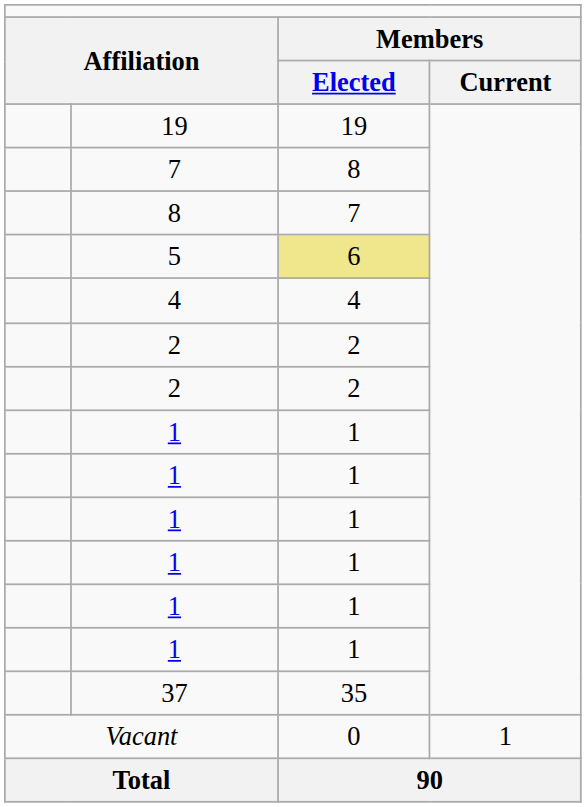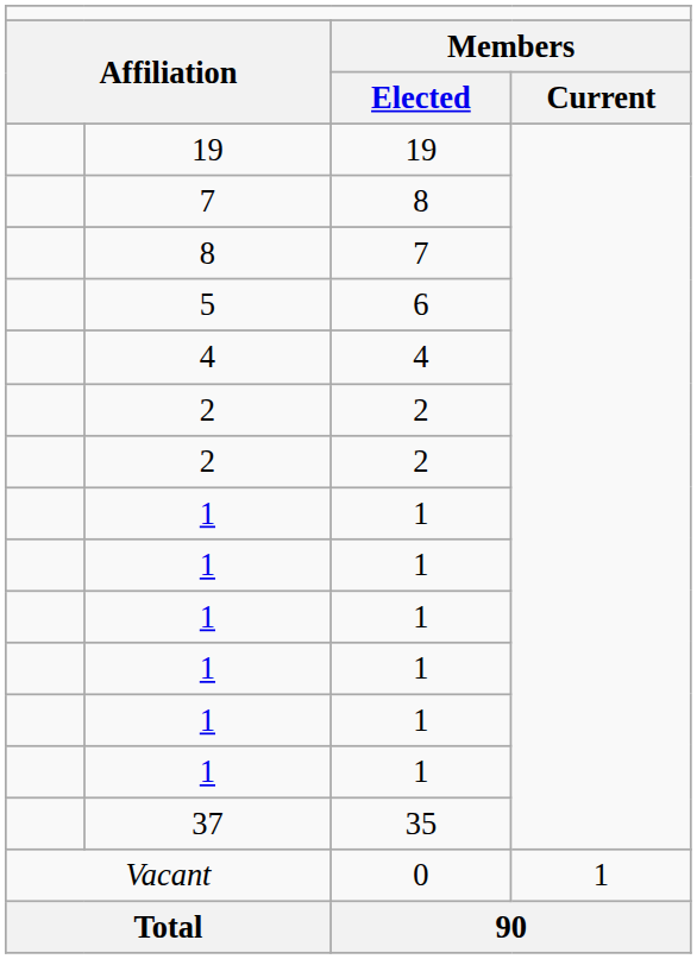 <table class="wikitable" style="font-size: 95%; text-align: center;">
 <tr>
 <td colspan="4"></td>
 </tr>
 <tr>
 <th colspan="2" rowspan="2" class=unsortable style="text-align: center; vertical-align: middle; width: 150px;">Affiliation</th>
 <th colspan="2" style="vertical-align: top;">Members</th>
 </tr>
 <tr>
 <th data-sort-type=number style="width: 80px;"><a href='#'>Elected</a></th>
 <th style="width: 80px;">Current</th>
 </tr>
 <tr>
 <td></td>
 <td>19</td>
 <td>19</td>
 </tr>
 <tr>
 <td></td>
 <td>7</td>
 <td>8</td>
 </tr>
 <tr>
 <td></td>
 <td>8</td>
 <td>7</td>
 </tr>
 <tr>
 <td></td>
 <td>5</td>
-<td style="background: khaki;">6</td>
+<td>6</td>
 </tr>
 <tr>
 <td></td>
 <td>4</td>
 <td>4</td>
 </tr>
 <tr>
 <td></td>
 <td>2</td>
 <td>2</td>
 </tr>
 <tr>
 <td></td>
 <td>2</td>
 <td>2</td>
 </tr>
 <tr>
 <td></td>
 <td><a href='#'>1</a></td>
 <td>1</td>
 </tr>
 <tr>
 <td></td>
 <td><a href='#'>1</a></td>
 <td>1</td>
 </tr>
 <tr>
 <td></td>
 <td><a href='#'>1</a></td>
 <td>1</td>
 </tr>
 <tr>
 <td></td>
 <td><a href='#'>1</a></td>
 <td>1</td>
 </tr>
 <tr>
 <td></td>
 <td><a href='#'>1</a></td>
 <td>1</td>
 </tr>
 <tr>
 <td></td>
 <td><a href='#'>1</a></td>
 <td>1</td>
 </tr>
 <tr>
 <td></td>
 <td>37</td>
 <td>35</td>
 </tr>
 <tr>
 <td colspan="2"><em>Vacant</em></td>
 <td>0</td>
 <td>1</td>
 </tr>
 <tr>
 <th colspan="2">Total</th>
 <th colspan="2">90</th>
 </tr>
 </table>
